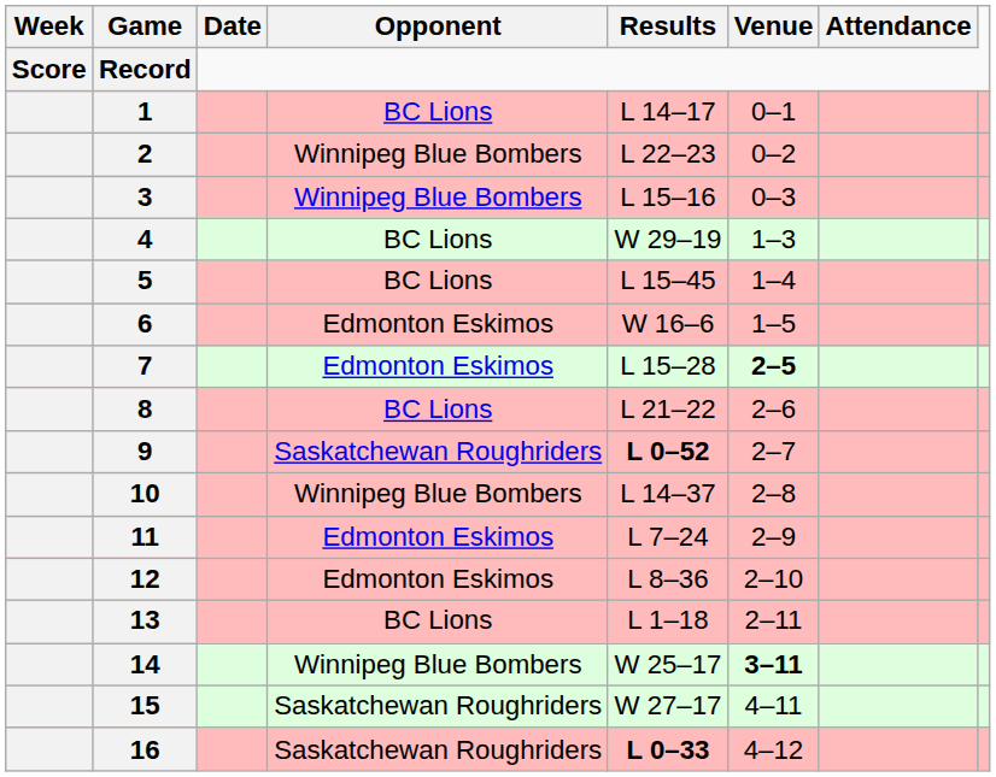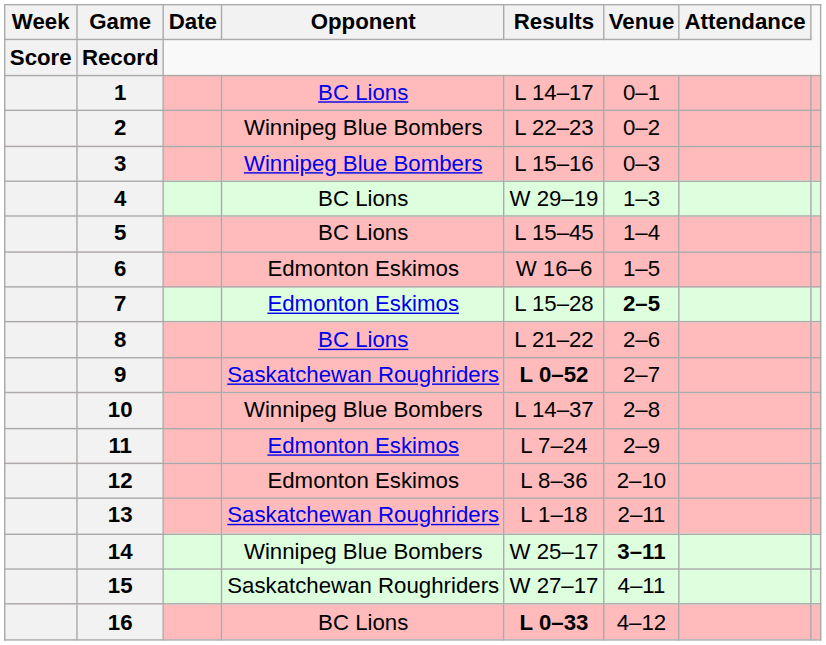 <table class="wikitable" style="text-align:center">
 <tr>
 <th>Week</th>
 <th>Game</th>
 <th>Date</th>
 <th>Opponent</th>
 <th>Results</th>
 <th>Venue</th>
 <th>Attendance</th>
 </tr>
 <tr>
 <th>Score</th>
 <th>Record</th>
 </tr>
 <tr style="background:#ffbbbb">
 <th></th>
 <th>1</th>
 <td></td>
 <td><a href='#'>BC Lions</a></td>
 <td>L 14–17</td>
 <td>0–1</td>
 <td></td>
 <td></td>
 </tr>
 <tr style="background:#ffbbbb">
 <th></th>
 <th>2</th>
 <td></td>
 <td>Winnipeg Blue Bombers</td>
 <td>L 22–23</td>
 <td>0–2</td>
 <td></td>
 <td></td>
 </tr>
 <tr style="background:#ffbbbb">
 <th></th>
 <th>3</th>
 <td></td>
 <td><a href='#'>Winnipeg Blue Bombers</a></td>
 <td>L 15–16</td>
 <td>0–3</td>
 <td></td>
 <td></td>
 </tr>
 <tr style="background:#ddffdd">
 <th></th>
 <th>4</th>
 <td></td>
 <td>BC Lions</td>
 <td>W 29–19</td>
 <td>1–3</td>
 <td></td>
 <td></td>
 </tr>
 <tr style="background:#ffbbbb">
 <th></th>
 <th>5</th>
 <td></td>
 <td>BC Lions</td>
 <td>L 15–45</td>
 <td>1–4</td>
 <td></td>
 <td></td>
 </tr>
 <tr style="background:#ffbbbb">
 <th></th>
 <th>6</th>
 <td></td>
 <td>Edmonton Eskimos</td>
 <td>W 16–6</td>
 <td>1–5</td>
 <td></td>
 <td></td>
 </tr>
 <tr style="background:#ddffdd">
 <th></th>
 <th>7</th>
 <td></td>
 <td><a href='#'>Edmonton Eskimos</a></td>
 <td>L 15–28</td>
 <td><strong>2–5</strong></td>
 <td></td>
 <td></td>
 </tr>
 <tr style="background:#ffbbbb">
 <th></th>
 <th>8</th>
 <td></td>
 <td><a href='#'>BC Lions</a></td>
 <td>L 21–22</td>
 <td>2–6</td>
 <td></td>
 <td></td>
 </tr>
 <tr style="background:#ffbbbb">
 <th></th>
 <th>9</th>
 <td></td>
 <td><a href='#'>Saskatchewan Roughriders</a></td>
 <td><strong>L 0–52</strong></td>
 <td>2–7</td>
 <td></td>
 <td></td>
 </tr>
 <tr style="background:#ffbbbb">
 <th></th>
 <th>10</th>
 <td></td>
 <td>Winnipeg Blue Bombers</td>
 <td>L 14–37</td>
 <td>2–8</td>
 <td></td>
 <td></td>
 </tr>
 <tr style="background:#ffbbbb">
 <th></th>
 <th>11</th>
 <td></td>
 <td><a href='#'>Edmonton Eskimos</a></td>
 <td>L 7–24</td>
 <td>2–9</td>
 <td></td>
 <td></td>
 </tr>
 <tr style="background:#ffbbbb">
 <th></th>
 <th>12</th>
 <td></td>
 <td>Edmonton Eskimos</td>
 <td>L 8–36</td>
 <td>2–10</td>
 <td></td>
 <td></td>
 </tr>
 <tr style="background:#ffbbbb">
 <th></th>
 <th>13</th>
 <td></td>
-<td>BC Lions</td>
+<td><a href='#'>Saskatchewan Roughriders</a></td>
 <td>L 1–18</td>
 <td>2–11</td>
 <td></td>
 <td></td>
 </tr>
 <tr style="background:#ddffdd">
 <th></th>
 <th>14</th>
 <td></td>
 <td>Winnipeg Blue Bombers</td>
 <td>W 25–17</td>
 <td><strong>3–11</strong></td>
 <td></td>
 <td></td>
 </tr>
 <tr style="background:#ddffdd">
 <th></th>
 <th>15</th>
 <td></td>
 <td>Saskatchewan Roughriders</td>
 <td>W 27–17</td>
 <td>4–11</td>
 <td></td>
 <td></td>
 </tr>
 <tr style="background:#ffbbbb">
 <th></th>
 <th>16</th>
 <td></td>
-<td>Saskatchewan Roughriders</td>
+<td>BC Lions</td>
 <td><strong>L 0–33</strong></td>
 <td>4–12</td>
 <td></td>
 <td></td>
 </tr>
 </table>
